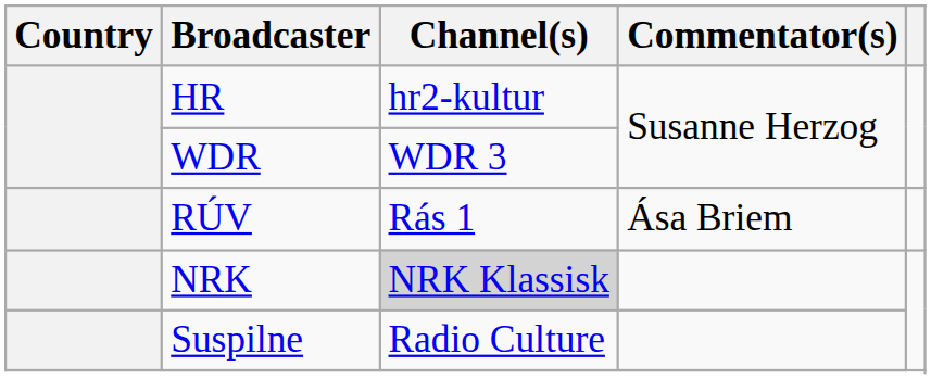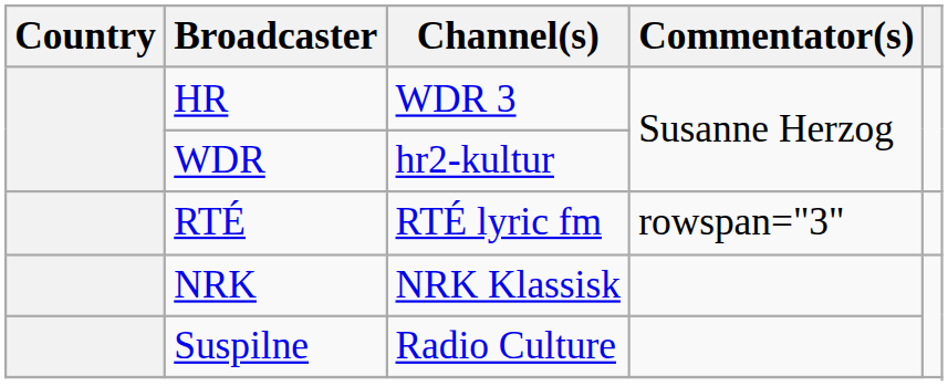 <table class="wikitable plainrowheaders">
 <tr>
 <th scope="col">Country</th>
 <th scope="col">Broadcaster</th>
 <th scope="col">Channel(s)</th>
 <th scope="col">Commentator(s)</th>
 <th scope="col"></th>
 </tr>
 <tr>
 <th scope="row" rowspan="2"></th>
 <td><a href='#'>HR</a></td>
-<td><a href='#'>hr2-kultur</a></td>
+<td><a href='#'>WDR 3</a></td>
 <td rowspan="2">Susanne Herzog</td>
 <td rowspan="2"></td>
 </tr>
 <tr>
 <td><a href='#'>WDR</a></td>
-<td><a href='#'>WDR 3</a></td>
+<td><a href='#'>hr2-kultur</a></td>
 </tr>
 <tr>
 <th scope="row"></th>
-<td><a href='#'>RÚV</a></td>
-<td><a href='#'>Rás 1</a></td>
-<td>Ása Briem</td>
+<td><a href='#'>RTÉ</a></td>
+<td><a href='#'>RTÉ lyric fm</a></td>
+<td>rowspan="3" </td>
 <td></td>
 </tr>
 <tr>
 <th scope="row"></th>
 <td><a href='#'>NRK</a></td>
-<td style="background: lightgrey;"><a href='#'>NRK Klassisk</a></td>
+<td><a href='#'>NRK Klassisk</a></td>
 <td></td>
 </tr>
 <tr>
 <th scope="row"></th>
 <td><a href='#'>Suspilne</a></td>
 <td><a href='#'>Radio Culture</a></td>
 <td></td>
 </tr>
 <tr>
 </tr>
 </table>
